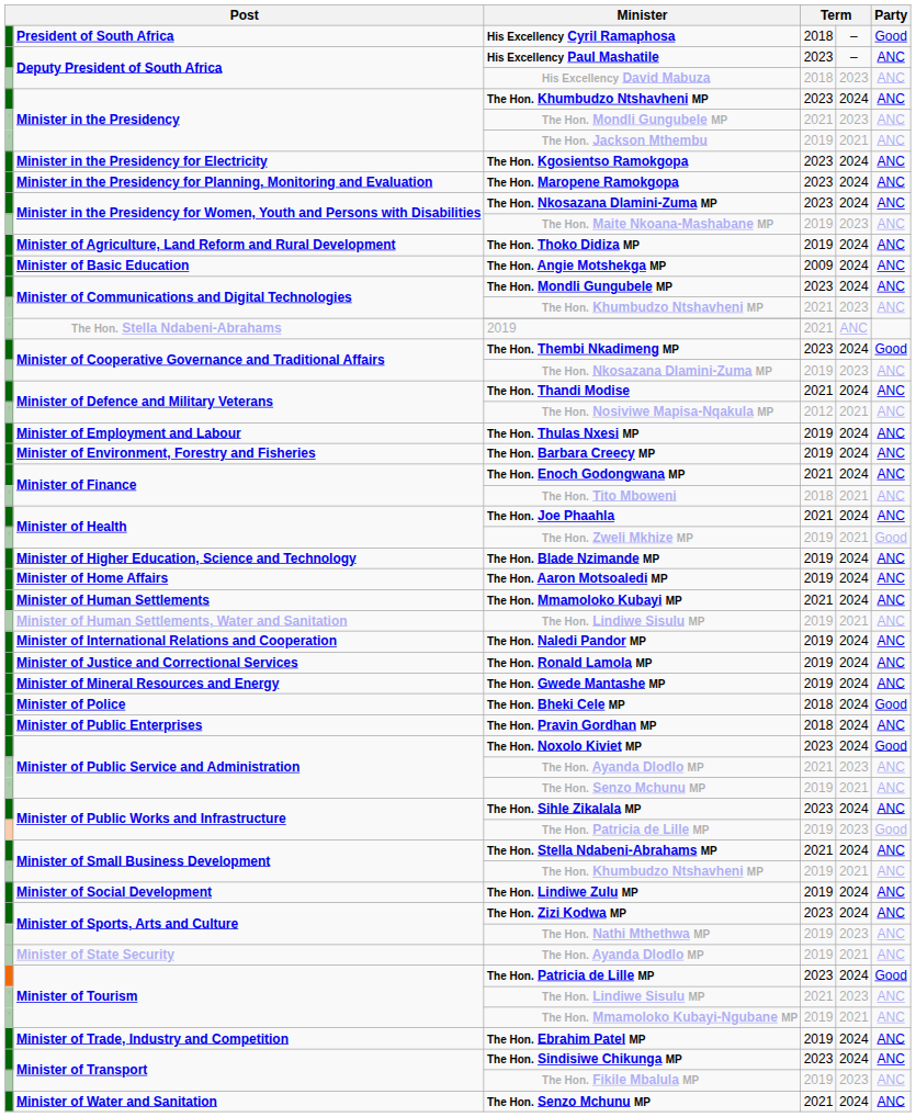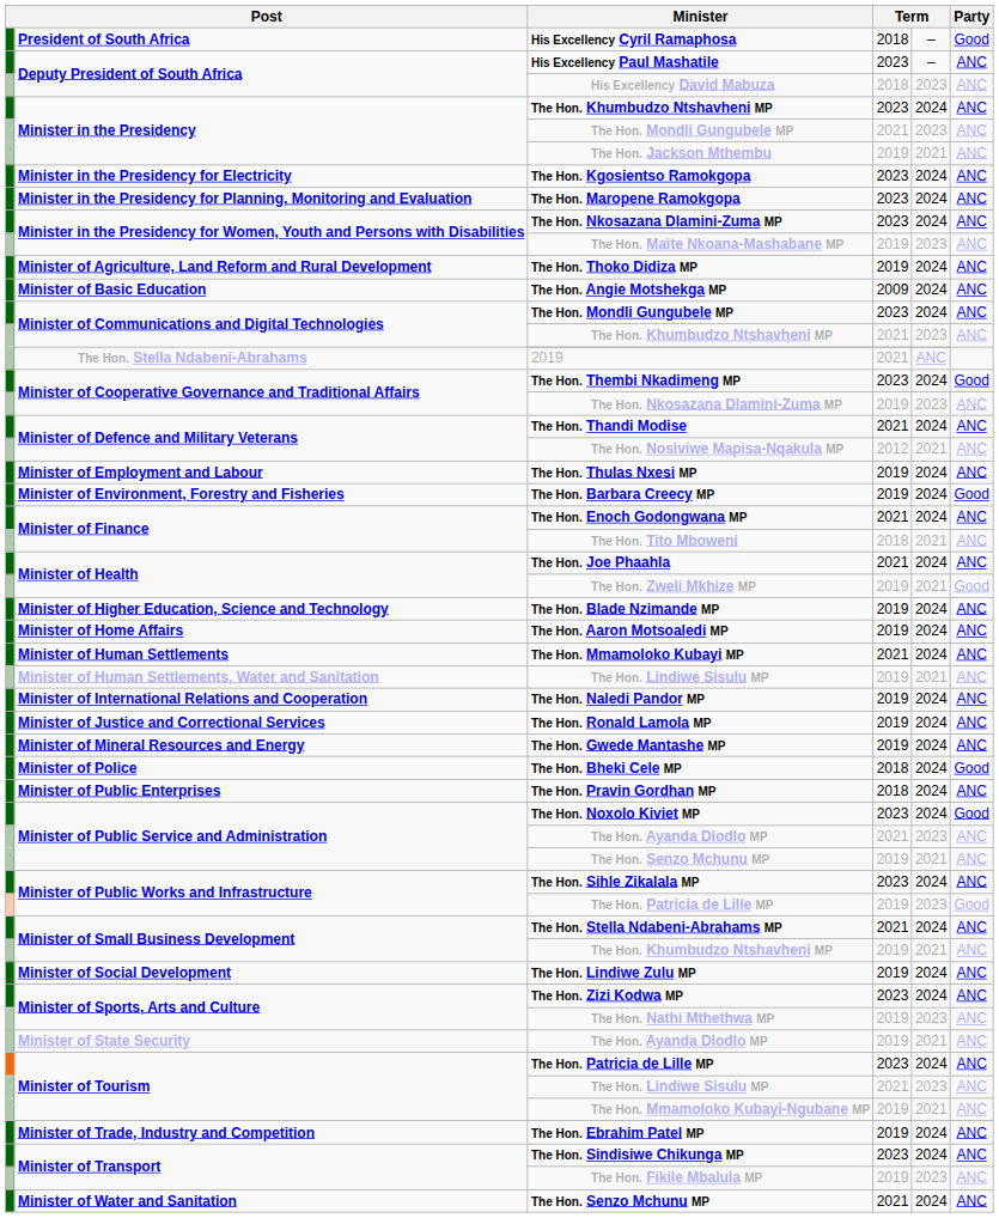 <table class="wikitable">
 <tr>
 <th colspan=2>Post</th>
 <th>Minister</th>
 <th colspan=2>Term</th>
 <th>Party</th>
 </tr>
 <tr>
 <td style="width:1px;; background:#006600;"></td>
 <td><strong><a href='#'>President of South Africa</a></strong></td>
 <td><strong><small>His Excellency</small> <a href='#'>Cyril Ramaphosa</a></strong></td>
 <td>2018</td>
 <td align="center">–</td>
 <td align="center"><a href='#'>Good</a></td>
 </tr>
 <tr>
 <td style="width:1px;; background:#006600;"></td>
 <td rowspan=2><strong><a href='#'>Deputy President of South Africa</a></strong></td>
 <td><strong><small>His Excellency</small> <a href='#'>Paul Mashatile</a></strong></td>
 <td>2023</td>
 <td align="center">–</td>
 <td align="center"><a href='#'>ANC</a></td>
 </tr>
 <tr style="opacity:.3;">
 <td style="width:1px;; background:#006600;"></td>
 <td style="padding-left:70px"><strong><small>His Excellency</small> <a href='#'>David Mabuza</a></strong></td>
 <td>2018</td>
 <td align="center">2023</td>
 <td align="center"><a href='#'>ANC</a></td>
 </tr>
 <tr>
 <td style="width:1px;; background:#006600;"></td>
 <td rowspan=3><strong><a href='#'>Minister in the Presidency</a></strong></td>
 <td><strong><small>The Hon.</small> <a href='#'>Khumbudzo Ntshavheni</a> <small>MP</small></strong></td>
 <td>2023</td>
 <td align="center">2024</td>
 <td align="center"><a href='#'>ANC</a></td>
 </tr>
 <tr style="opacity:.3;">
 <td style="width:1px; border-width:0px; background:#006600;border-color:10px solid white">'</td>
 <td style="padding-left:70px"><strong><small>The Hon.</small> <a href='#'>Mondli Gungubele</a> <small>MP</small></strong></td>
 <td>2021</td>
 <td>2023</td>
 <td align="center"><a href='#'>ANC</a></td>
 </tr>
 <tr style="opacity:.3;">
 <td style="width:1px; border-width:0px; background:#006600;border-color:10px solid white">'</td>
 <td style="padding-left:70px"><strong><small>The Hon.</small> <a href='#'>Jackson Mthembu</a></strong></td>
 <td>2019</td>
 <td>2021</td>
 <td align="center"><a href='#'>ANC</a></td>
 </tr>
 <tr>
 <td style="width:1px;; background:#006600;"></td>
 <td><strong><a href='#'>Minister in the Presidency for Electricity</a></strong></td>
 <td><strong><small>The Hon.</small> <a href='#'>Kgosientso Ramokgopa</a></strong></td>
 <td>2023</td>
 <td align="center">2024</td>
 <td align="center"><a href='#'>ANC</a></td>
 </tr>
 <tr>
 <td style="width:1px;; background:#006600;"></td>
 <td><strong><a href='#'>Minister in the Presidency for Planning, Monitoring and Evaluation</a></strong></td>
 <td><strong><small>The Hon.</small> <a href='#'>Maropene Ramokgopa</a></strong></td>
 <td>2023</td>
 <td align="center">2024</td>
 <td align="center"><a href='#'>ANC</a></td>
 </tr>
 <tr>
 <td style="width:1px;; background:#006600;"></td>
 <td rowspan=2><strong><a href='#'>Minister in the Presidency for Women, Youth and Persons with Disabilities</a></strong></td>
 <td><strong><small>The Hon.</small> <a href='#'>Nkosazana Dlamini-Zuma</a> <small>MP</small></strong></td>
 <td>2023</td>
 <td align="center">2024</td>
 <td align="center"><a href='#'>ANC</a></td>
 </tr>
 <tr style="opacity:.3;">
 <td style="width:1px;; background:#006600;"></td>
 <td style="padding-left:70px"><strong><small>The Hon.</small> <a href='#'>Maite Nkoana-Mashabane</a> <small>MP</small></strong></td>
 <td>2019</td>
 <td align="center">2023</td>
 <td align="center"><a href='#'>ANC</a></td>
 </tr>
 <tr>
 <td style="width:1px;; background:#006600;"></td>
 <td><strong><a href='#'>Minister of Agriculture, Land Reform and Rural Development</a></strong></td>
 <td><strong><small>The Hon.</small> <a href='#'>Thoko Didiza</a> <small>MP</small></strong></td>
 <td>2019</td>
 <td align="center">2024</td>
 <td align="center"><a href='#'>ANC</a></td>
 </tr>
 <tr>
 <td style="width:1px;; background:#006600;"></td>
 <td><strong><a href='#'>Minister of Basic Education</a></strong></td>
 <td><strong><small>The Hon.</small> <a href='#'>Angie Motshekga</a> <small>MP</small></strong></td>
 <td>2009</td>
 <td align="center">2024</td>
 <td align="center"><a href='#'>ANC</a></td>
 </tr>
 <tr>
 <td style="width:1px;; background:#006600;"></td>
 <td rowspan=3><strong><a href='#'>Minister of Communications and Digital Technologies</a></strong></td>
 <td><strong><small>The Hon.</small> <a href='#'>Mondli Gungubele</a> <small>MP</small></strong></td>
 <td>2023</td>
 <td align="center">2024</td>
 <td align="center"><a href='#'>ANC</a></td>
 </tr>
 <tr style="opacity:.3;">
 <td style="width:1px; border-width:0px; background:#006600;border-color:10px solid white">'</td>
 <td style="padding-left:70px"><strong><small>The Hon.</small> <a href='#'>Khumbudzo Ntshavheni</a> <small>MP</small></strong></td>
 <td>2021</td>
 <td>2023</td>
 <td align="center"><a href='#'>ANC</a></td>
 </tr>
 <tr>
 </tr>
 <tr style="opacity:.3;">
 <td style="width:1px; border-width:0px; background:#006600;border-color:10px solid white">'</td>
 <td style="padding-left:70px"><strong><small>The Hon.</small> <a href='#'>Stella Ndabeni-Abrahams</a></strong></td>
 <td>2019</td>
 <td>2021</td>
 <td align="center"><a href='#'>ANC</a></td>
 </tr>
 <tr>
 <td style="width:1px;; background:#006600;"></td>
 <td rowspan=2><strong><a href='#'>Minister of Cooperative Governance and Traditional Affairs</a></strong></td>
 <td><strong><small>The Hon.</small> <a href='#'>Thembi Nkadimeng</a> <small>MP</small></strong></td>
 <td>2023</td>
 <td align="center">2024</td>
 <td align="center"><a href='#'>Good</a></td>
 </tr>
 <tr style="opacity:.3;">
 <td style="width:1px;; background:#006600;"></td>
 <td style="padding-left:70px"><strong><small>The Hon.</small> <a href='#'>Nkosazana Dlamini-Zuma</a> <small>MP</small></strong></td>
 <td>2019</td>
 <td align="center">2023</td>
 <td align="center"><a href='#'>ANC</a></td>
 </tr>
 <tr>
 <td style="width:1px;; background:#006600;"></td>
 <td rowspan=2><strong><a href='#'>Minister of Defence and Military Veterans</a></strong></td>
 <td><strong><small>The Hon.</small> <a href='#'>Thandi Modise</a></strong></td>
 <td>2021</td>
 <td align="center">2024</td>
 <td align="center"><a href='#'>ANC</a></td>
 </tr>
 <tr style="opacity:.3;">
 <td style="width:1px; border-width:0px; background:#006600;border-color:10px solid white">'</td>
 <td style="padding-left:70px"><strong><small>The Hon.</small> <a href='#'>Nosiviwe Mapisa-Nqakula</a> <small>MP</small></strong></td>
 <td>2012</td>
 <td>2021</td>
 <td align="center"><a href='#'>ANC</a></td>
 </tr>
 <tr>
 <td style="width:1px;; background:#006600;"></td>
 <td><strong><a href='#'>Minister of Employment and Labour</a></strong></td>
 <td><strong><small>The Hon.</small> <a href='#'>Thulas Nxesi</a> <small>MP</small></strong></td>
 <td>2019</td>
 <td align="center">2024</td>
 <td align="center"><a href='#'>ANC</a></td>
 </tr>
 <tr>
 <td style="width:1px;; background:#006600;"></td>
 <td><strong><a href='#'>Minister of Environment, Forestry and Fisheries</a></strong></td>
 <td><strong><small>The Hon.</small> <a href='#'>Barbara Creecy</a> <small>MP</small></strong></td>
 <td>2019</td>
 <td align="center">2024</td>
-<td align="center"><a href='#'>ANC</a></td>
+<td align="center"><a href='#'>Good</a></td>
 </tr>
 <tr>
 <td style="width:1px;; background:#006600;"></td>
 <td rowspan=2><strong><a href='#'>Minister of Finance</a></strong></td>
 <td><strong><small>The Hon.</small> <a href='#'>Enoch Godongwana</a> <small>MP</small></strong></td>
 <td>2021</td>
 <td align="center">2024</td>
 <td align="center"><a href='#'>ANC</a></td>
 </tr>
 <tr style="opacity:.3;">
 <td style="width:1px; border-width:0px; background:#006600;border-color:10px solid white">'</td>
 <td style="padding-left:70px"><strong><small>The Hon.</small> <a href='#'>Tito Mboweni</a></strong></td>
 <td>2018</td>
 <td>2021</td>
 <td align="center"><a href='#'>ANC</a></td>
 </tr>
 <tr>
 <td style="width:1px;; background:#006600;"></td>
 <td rowspan=2><strong><a href='#'>Minister of Health</a></strong></td>
 <td><strong><small>The Hon.</small> <a href='#'>Joe Phaahla</a></strong></td>
 <td>2021</td>
 <td align="center">2024</td>
 <td align="center"><a href='#'>ANC</a></td>
 </tr>
 <tr style="opacity:.3;">
 <td style="width:1px; border-width:0px; background:#006600;border-color:10px solid white">'</td>
 <td style="padding-left:70px"><strong><small>The Hon.</small> <a href='#'>Zweli Mkhize</a> <small>MP</small></strong></td>
 <td>2019</td>
 <td>2021</td>
 <td align="center"><a href='#'>Good</a></td>
 </tr>
 <tr>
 <td style="width:1px;; background:#006600;"></td>
 <td><strong><a href='#'>Minister of Higher Education, Science and Technology</a></strong></td>
 <td><strong><small>The Hon.</small> <a href='#'>Blade Nzimande</a> <small>MP</small></strong></td>
 <td>2019</td>
 <td align="center">2024</td>
 <td align="center"><a href='#'>ANC</a></td>
 </tr>
 <tr>
 <td style="width:1px;; background:#006600;"></td>
 <td><strong><a href='#'>Minister of Home Affairs</a></strong></td>
 <td><strong><small>The Hon.</small> <a href='#'>Aaron Motsoaledi</a> <small>MP</small></strong></td>
 <td>2019</td>
 <td align="center">2024</td>
 <td align="center"><a href='#'>ANC</a></td>
 </tr>
 <tr>
 <td style="width:1px;; background:#006600;"></td>
 <td><strong><a href='#'>Minister of Human Settlements</a></strong></td>
 <td><strong><small>The Hon.</small> <a href='#'>Mmamoloko Kubayi</a> <small>MP</small></strong></td>
 <td>2021</td>
 <td align="center">2024</td>
 <td align="center"><a href='#'>ANC</a></td>
 </tr>
 <tr style="opacity:.3;">
 <td style="width:1px;; background:#006600;"></td>
 <td><strong><a href='#'>Minister of Human Settlements, Water and Sanitation</a></strong></td>
 <td style="padding-left:70px"><strong><small>The Hon.</small> <a href='#'>Lindiwe Sisulu</a> <small>MP</small></strong></td>
 <td>2019</td>
 <td>2021</td>
 <td align="center"><a href='#'>ANC</a></td>
 </tr>
 <tr>
 <td style="width:1px;; background:#006600;"></td>
 <td><strong><a href='#'>Minister of International Relations and Cooperation</a></strong></td>
 <td><strong><small>The Hon.</small> <a href='#'>Naledi Pandor</a> <small>MP</small></strong></td>
 <td>2019</td>
 <td align="center">2024</td>
 <td align="center"><a href='#'>ANC</a></td>
 </tr>
 <tr>
 <td style="width:1px;; background:#006600;"></td>
 <td><strong><a href='#'>Minister of Justice and Correctional Services</a></strong></td>
 <td><strong><small>The Hon.</small> <a href='#'>Ronald Lamola</a> <small>MP</small></strong></td>
 <td>2019</td>
 <td align="center">2024</td>
 <td align="center"><a href='#'>ANC</a></td>
 </tr>
 <tr>
 <td style="width:1px;; background:#006600;"></td>
 <td><strong><a href='#'>Minister of Mineral Resources and Energy</a></strong></td>
 <td><strong><small>The Hon.</small> <a href='#'>Gwede Mantashe</a> <small>MP</small></strong></td>
 <td>2019</td>
 <td align="center">2024</td>
 <td align="center"><a href='#'>ANC</a></td>
 </tr>
 <tr>
 <td style="width:1px;; background:#006600;"></td>
 <td><strong><a href='#'>Minister of Police</a></strong></td>
 <td><strong><small>The Hon.</small> <a href='#'>Bheki Cele</a> <small>MP</small></strong></td>
 <td>2018</td>
 <td align="center">2024</td>
 <td align="center"><a href='#'>Good</a></td>
 </tr>
 <tr>
 <td style="width:1px;; background:#006600;"></td>
 <td><strong><a href='#'>Minister of Public Enterprises</a></strong></td>
 <td><strong><small>The Hon.</small> <a href='#'>Pravin Gordhan</a> <small>MP</small></strong></td>
 <td>2018</td>
 <td align="center">2024</td>
 <td align="center"><a href='#'>ANC</a></td>
 </tr>
 <tr>
 <td style="width:1px;; background:#006600;"></td>
 <td rowspan=3><strong><a href='#'>Minister of Public Service and Administration</a></strong></td>
 <td><strong><small>The Hon.</small> <a href='#'>Noxolo Kiviet</a> <small>MP</small></strong></td>
 <td>2023</td>
 <td align="center">2024</td>
 <td align="center"><a href='#'>Good</a></td>
 </tr>
 <tr style="opacity:.3;">
 <td style="width:1px; border-width:0px; background:#006600;border-color:10px solid white">'</td>
 <td style="padding-left:70px"><strong><small>The Hon.</small> <a href='#'>Ayanda Dlodlo</a> <small>MP</small></strong></td>
 <td>2021</td>
 <td>2023</td>
 <td align="center"><a href='#'>ANC</a></td>
 </tr>
 <tr style="opacity:.3;">
 <td style="width:1px; border-width:0px; background:#006600;border-color:10px solid white">'</td>
 <td style="padding-left:70px"><strong><small>The Hon.</small> <a href='#'>Senzo Mchunu</a> <small>MP</small></strong></td>
 <td>2019</td>
 <td>2021</td>
 <td align="center"><a href='#'>ANC</a></td>
 </tr>
 <tr>
 <td style="width:1px;; background:#006600;"></td>
 <td rowspan=2><strong><a href='#'>Minister of Public Works and Infrastructure</a></strong></td>
 <td><strong><small>The Hon.</small> <a href='#'>Sihle Zikalala</a> <small>MP</small></strong></td>
 <td>2023</td>
 <td align="center">2024</td>
 <td align="center"><a href='#'>ANC</a></td>
 </tr>
 <tr style="opacity:.3;">
 <td style="width:1px;; background:#F36900;"></td>
 <td style="padding-left:70px"><strong><small>The Hon.</small> <a href='#'>Patricia de Lille</a> <small>MP</small></strong></td>
 <td>2019</td>
 <td align="center">2023</td>
 <td align="center"><a href='#'>Good</a></td>
 </tr>
 <tr>
 <td style="width:1px;; background:#006600;"></td>
 <td rowspan=2><strong><a href='#'>Minister of Small Business Development</a></strong></td>
 <td><strong><small>The Hon.</small> <a href='#'>Stella Ndabeni-Abrahams</a> <small>MP</small></strong></td>
 <td>2021</td>
 <td align="center">2024</td>
 <td align="center"><a href='#'>ANC</a></td>
 </tr>
 <tr style="opacity:.3;">
 <td style="width:1px; border-width:0px; background:#006600;border-color:10px solid white">'</td>
 <td style="padding-left:70px"><strong><small>The Hon.</small> <a href='#'>Khumbudzo Ntshavheni</a> <small>MP</small></strong></td>
 <td>2019</td>
 <td>2021</td>
 <td align="center"><a href='#'>ANC</a></td>
 </tr>
 <tr>
 <td style="width:1px;; background:#006600;"></td>
 <td><strong><a href='#'>Minister of Social Development</a></strong></td>
 <td><strong><small>The Hon.</small> <a href='#'>Lindiwe Zulu</a> <small>MP</small></strong></td>
 <td>2019</td>
 <td align="center">2024</td>
 <td align="center"><a href='#'>ANC</a></td>
 </tr>
 <tr>
 <td style="width:1px;; background:#006600;"></td>
 <td rowspan=2><strong><a href='#'>Minister of Sports, Arts and Culture</a></strong></td>
 <td><strong><small>The Hon.</small> <a href='#'>Zizi Kodwa</a> <small>MP</small></strong></td>
 <td>2023</td>
 <td align="center">2024</td>
 <td align="center"><a href='#'>ANC</a></td>
 </tr>
 <tr style="opacity:.3;">
 <td style="width:1px;; background:#006600;"></td>
 <td style="padding-left:70px"><strong><small>The Hon.</small> <a href='#'>Nathi Mthethwa</a> <small>MP</small></strong></td>
 <td>2019</td>
 <td align="center">2023</td>
 <td align="center"><a href='#'>ANC</a></td>
 </tr>
 <tr style="opacity:.3;">
 <td style="width:1px;; background:#006600;"></td>
 <td><strong><a href='#'>Minister of State Security</a></strong></td>
 <td style="padding-left:70px"><strong><small>The Hon.</small> <a href='#'>Ayanda Dlodlo</a> <small>MP</small></strong></td>
 <td>2019</td>
 <td>2021</td>
 <td align="center"><a href='#'>ANC</a></td>
 </tr>
 <tr>
 <td style="width:1px;; background:#F36900;"></td>
 <td rowspan=3><strong><a href='#'>Minister of Tourism</a></strong></td>
 <td><strong><small>The Hon.</small> <a href='#'>Patricia de Lille</a> <small>MP</small></strong></td>
 <td>2023</td>
 <td align="center">2024</td>
-<td align="center"><a href='#'>Good</a></td>
+<td align="center"><a href='#'>ANC</a></td>
 </tr>
 <tr style="opacity:.3;">
 <td style="width:1px; border-width:0px; background:#006600;border-color:10px solid white">'</td>
 <td style="padding-left:70px"><strong><small>The Hon.</small> <a href='#'>Lindiwe Sisulu</a> <small>MP</small></strong></td>
 <td>2021</td>
 <td>2023</td>
 <td align="center"><a href='#'>ANC</a></td>
 </tr>
 <tr style="opacity:.3;">
 <td style="width:1px; border-width:0px; background:#006600;border-color:10px solid white">'</td>
 <td style="padding-left:70px"><strong><small>The Hon.</small> <a href='#'>Mmamoloko Kubayi-Ngubane</a> <small>MP</small></strong></td>
 <td>2019</td>
 <td>2021</td>
 <td align="center"><a href='#'>ANC</a></td>
 </tr>
 <tr>
 <td style="width:1px;; background:#006600;"></td>
 <td><strong><a href='#'>Minister of Trade, Industry and Competition</a></strong></td>
 <td><strong><small>The Hon.</small> <a href='#'>Ebrahim Patel</a> <small>MP</small></strong></td>
 <td>2019</td>
 <td align="center">2024</td>
 <td align="center"><a href='#'>ANC</a></td>
 </tr>
 <tr>
 <td style="width:1px;; background:#006600;"></td>
 <td rowspan=2><strong><a href='#'>Minister of Transport</a></strong></td>
 <td><strong><small>The Hon.</small> <a href='#'>Sindisiwe Chikunga</a> <small>MP</small></strong></td>
 <td>2023</td>
 <td align="center">2024</td>
 <td align="center"><a href='#'>ANC</a></td>
 </tr>
 <tr style="opacity:.3;">
 <td style="width:1px;; background:#006600;"></td>
 <td style="padding-left:70px"><strong><small>The Hon.</small> <a href='#'>Fikile Mbalula</a> <small>MP</small></strong></td>
 <td>2019</td>
 <td align="center">2023</td>
 <td align="center"><a href='#'>ANC</a></td>
 </tr>
 <tr>
 <td style="width:1px;; background:#006600;"></td>
 <td><strong><a href='#'>Minister of Water and Sanitation</a></strong></td>
 <td><strong><small>The Hon.</small> <a href='#'>Senzo Mchunu</a> <small>MP</small></strong></td>
 <td>2021</td>
 <td align="center">2024</td>
 <td align="center"><a href='#'>ANC</a></td>
 </tr>
 </table>
